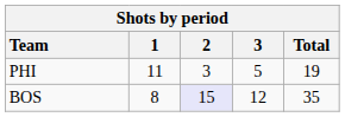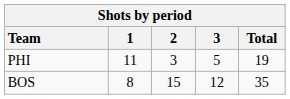 <table class="wikitable" style="width:20em; text-align:right;">
 <tr>
 <th colspan=6>Shots by period</th>
 </tr>
 <tr>
 <th style="width:8em; text-align:left;">Team</th>
 <th style="width:3em;">1</th>
 <th style="width:3em;">2</th>
 <th style="width:3em;">3<br></th>
 <th style="width:3em;">Total</th>
 </tr>
 <tr>
 <td style="text-align:left;">PHI</td>
 <td align=center>11</td>
 <td align=center>3</td>
 <td align=center>5</td>
 <td align=center>19</td>
 </tr>
 <tr>
 <td style="text-align:left;">BOS</td>
 <td align=center>8</td>
-<td align=center style="background: lavender;">15</td>
+<td align=center>15</td>
 <td align=center>12</td>
 <td align=center>35</td>
 </tr>
 </table>
